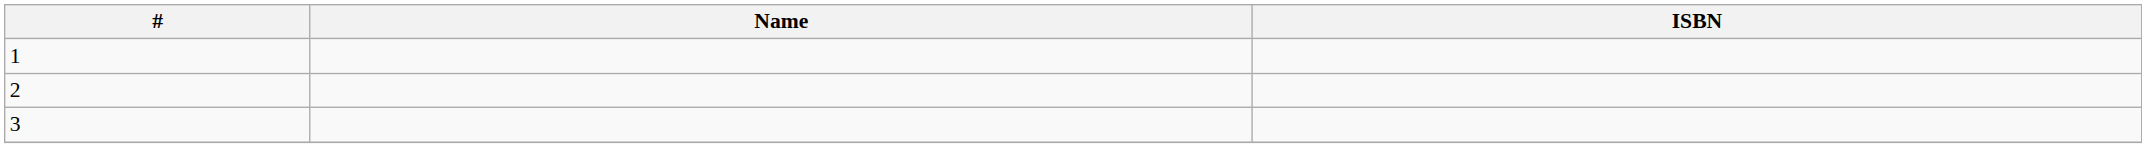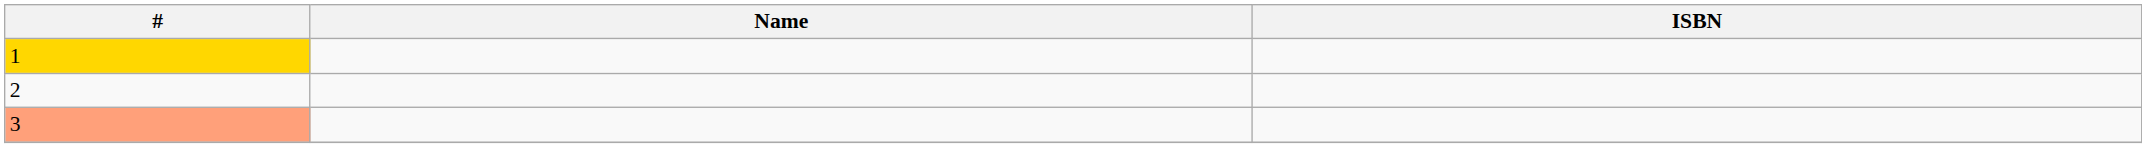 <table class="wikitable" width="100%">
 <tr>
 <th>#</th>
 <th>Name</th>
 <th>ISBN</th>
 </tr>
 <tr>
-<td>1</td>
+<td style="background: gold;">1</td>
 <td></td>
 <td><small></small></td>
 </tr>
 <tr>
 <td>2</td>
 <td></td>
 <td><small></small></td>
 </tr>
 <tr>
-<td>3</td>
+<td style="background: lightsalmon;">3</td>
 <td></td>
 <td><small></small></td>
 </tr>
 <tr>
 </tr>
 </table>
